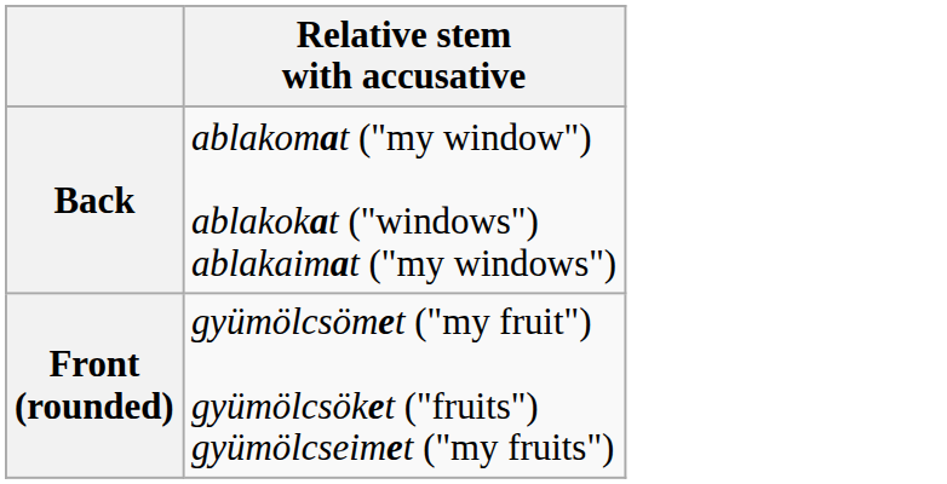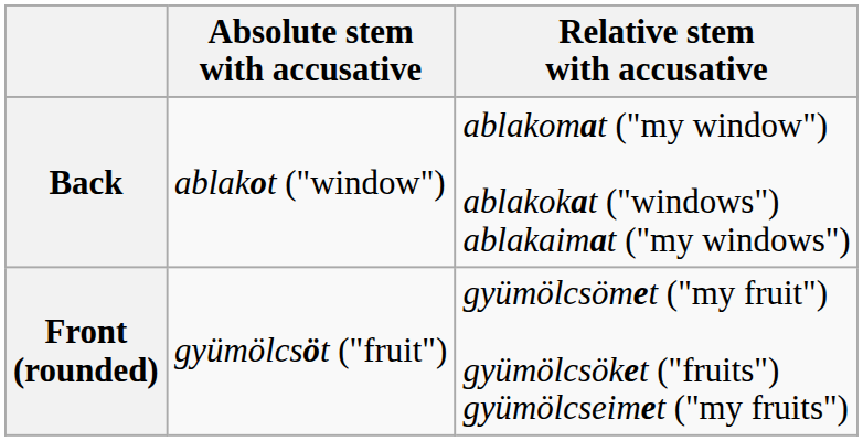 <table class="wikitable" align=center>
 <tr>
 <th> </th>
+<th>Absolute stem<br>with accusative</th>
 <th>Relative stem<br>with accusative</th>
 </tr>
 <tr>
 <th>Back</th>
+<td><em>ablak<strong>o</strong>t</em> ("window")</td>
 <td><em>ablakom<strong>a</strong>t</em> ("my window")<br><br><em>ablakok<strong>a</strong>t</em> ("windows")<br> <em>ablakaim<strong>a</strong>t</em> ("my windows")</td>
 </tr>
 <tr>
 <th>Front<br>(rounded)</th>
+<td><em>gyümölcs<strong>ö</strong>t</em> ("fruit")</td>
 <td><em>gyümölcsöm<strong>e</strong>t</em> ("my fruit")<br><br><em>gyümölcsök<strong>e</strong>t</em> ("fruits")<br> <em>gyümölcseim<strong>e</strong>t</em> ("my fruits")</td>
 </tr>
 </table>
